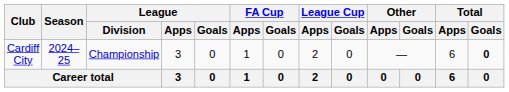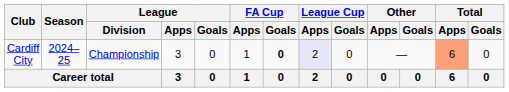 <table class="wikitable" style="text-align: center">
 <tr>
 <th rowspan="2">Club</th>
 <th rowspan="2">Season</th>
 <th colspan="3">League</th>
 <th colspan="2"><a href='#'>FA Cup</a></th>
 <th colspan="2"><a href='#'>League Cup</a></th>
 <th colspan="2">Other</th>
 <th colspan="2">Total</th>
 </tr>
 <tr>
 <th>Division</th>
 <th>Apps</th>
 <th>Goals</th>
 <th>Apps</th>
 <th>Goals</th>
 <th>Apps</th>
 <th>Goals</th>
 <th>Apps</th>
 <th>Goals</th>
 <th>Apps</th>
 <th>Goals</th>
 </tr>
 <tr>
 <td><a href='#'>Cardiff City</a></td>
 <td><a href='#'>2024–25</a></td>
 <td><a href='#'>Championship</a></td>
 <td>3</td>
 <td>0</td>
 <td>1</td>
-<td>0</td>
-<td>2</td>
+<td><strong>0</strong></td>
+<td style="background: lavender;">2</td>
 <td>0</td>
 <td colspan="2">—</td>
-<td>6</td>
-<td><strong>0</strong></td>
+<td style="background: lightsalmon;">6</td>
+<td>0</td>
 </tr>
 <tr>
 <th colspan="3">Career total</th>
 <th>3</th>
 <th>0</th>
 <th>1</th>
 <th>0</th>
 <th>2</th>
 <th>0</th>
 <th>0</th>
 <th>0</th>
 <th>6</th>
 <th>0</th>
 </tr>
 </table>
